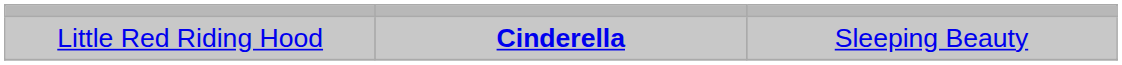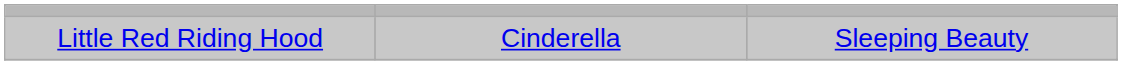 <table class="wikitable" style="text-align:center">
 <tr>
 <td width="25%" style="background:#B8B8B8"></td>
 <td width="25%" style="background:#B8B8B8"></td>
 <td width="25%" style="background:#B8B8B8"></td>
 </tr>
 <tr>
 <td style="background:#C8C8C8"><a href='#'>Little Red Riding Hood</a></td>
-<td style="background:#C8C8C8"><strong><a href='#'>Cinderella</a></strong></td>
+<td style="background:#C8C8C8"><a href='#'>Cinderella</a></td>
 <td style="background:#C8C8C8"><a href='#'>Sleeping Beauty</a></td>
 </tr>
 <tr>
 </tr>
 </table>
